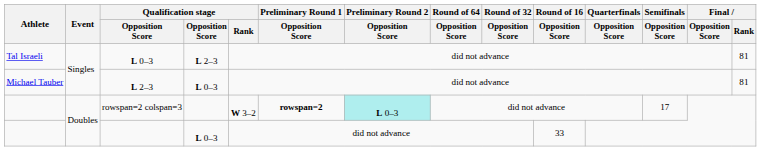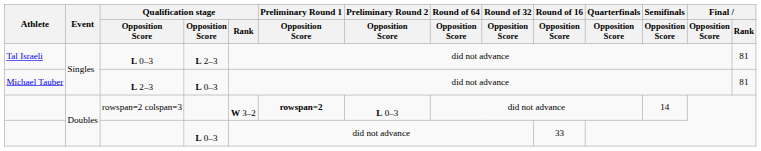 <table class="wikitable" style="font-size:90%; text-align:center">
 <tr>
 <th rowspan=2>Athlete</th>
 <th rowspan=2>Event</th>
 <th colspan=3>Qualification stage</th>
 <th>Preliminary Round 1</th>
 <th>Preliminary Round 2</th>
 <th>Round of 64</th>
 <th>Round of 32</th>
 <th>Round of 16</th>
 <th>Quarterfinals</th>
 <th>Semifinals</th>
 <th colspan=2>Final / </th>
 </tr>
 <tr style=font-size:95%>
 <th>Opposition<br>Score</th>
 <th>Opposition<br>Score</th>
 <th>Rank</th>
 <th>Opposition<br>Score</th>
 <th>Opposition<br>Score</th>
 <th>Opposition<br>Score</th>
 <th>Opposition<br>Score</th>
 <th>Opposition<br>Score</th>
 <th>Opposition<br>Score</th>
 <th>Opposition<br>Score</th>
 <th>Opposition<br>Score</th>
 <th>Rank</th>
 </tr>
 <tr>
 <td align=left><a href='#'>Tal Israeli</a></td>
 <td align=left rowspan=2>Singles</td>
 <td><br><strong>L</strong> 0–3</td>
 <td><br><strong>L</strong> 2–3</td>
 <td colspan=9>did not advance</td>
 <td>81</td>
 </tr>
 <tr>
 <td align=left><a href='#'>Michael Tauber</a></td>
 <td><br><strong>L</strong> 2–3</td>
 <td><br><strong>L</strong> 0–3</td>
 <td colspan=9>did not advance</td>
 <td>81</td>
 </tr>
 <tr>
 <td align=left><br></td>
 <td rowspan=2>Doubles</td>
 <td>rowspan=2 colspan=3 </td>
 <td></td>
 <td><br><strong>W</strong> 3–2</td>
 <td><strong>rowspan=2 </strong></td>
-<td style="background: paleturquoise;"><br><strong>L</strong> 0–3</td>
+<td><br><strong>L</strong> 0–3</td>
 <td colspan=4>did not advance</td>
-<td>17</td>
+<td>14</td>
 </tr>
 <tr>
 <td align=left><br></td>
 <td></td>
 <td><br><strong>L</strong> 0–3</td>
 <td colspan=5>did not advance</td>
 <td>33</td>
 </tr>
 </table>
